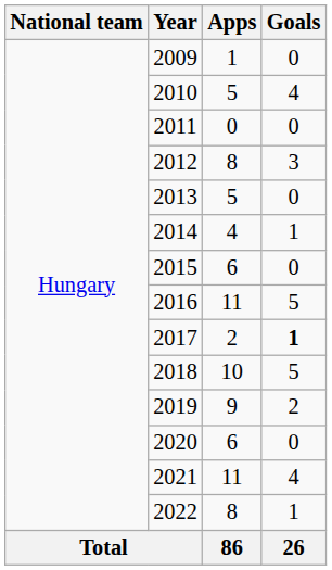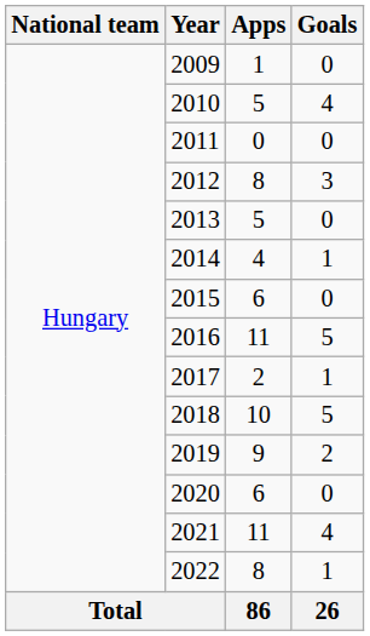 <table class="wikitable" style="text-align:center">
 <tr>
 <th>National team</th>
 <th>Year</th>
 <th>Apps</th>
 <th>Goals</th>
 </tr>
 <tr>
 <td rowspan="14"><a href='#'>Hungary</a></td>
 <td>2009</td>
 <td>1</td>
 <td>0</td>
 </tr>
 <tr>
 <td>2010</td>
 <td>5</td>
 <td>4</td>
 </tr>
 <tr>
 <td>2011</td>
 <td>0</td>
 <td>0</td>
 </tr>
 <tr>
 <td>2012</td>
 <td>8</td>
 <td>3</td>
 </tr>
 <tr>
 <td>2013</td>
 <td>5</td>
 <td>0</td>
 </tr>
 <tr>
 <td>2014</td>
 <td>4</td>
 <td>1</td>
 </tr>
 <tr>
 <td>2015</td>
 <td>6</td>
 <td>0</td>
 </tr>
 <tr>
 <td>2016</td>
 <td>11</td>
 <td>5</td>
 </tr>
 <tr>
 <td>2017</td>
 <td>2</td>
-<td><strong>1</strong></td>
+<td>1</td>
 </tr>
 <tr>
 <td>2018</td>
 <td>10</td>
 <td>5</td>
 </tr>
 <tr>
 <td>2019</td>
 <td>9</td>
 <td>2</td>
 </tr>
 <tr>
 <td>2020</td>
 <td>6</td>
 <td>0</td>
 </tr>
 <tr>
 <td>2021</td>
 <td>11</td>
 <td>4</td>
 </tr>
 <tr>
 <td>2022</td>
 <td>8</td>
 <td>1</td>
 </tr>
 <tr>
 <th colspan="2">Total</th>
 <th>86</th>
 <th>26</th>
 </tr>
 </table>
